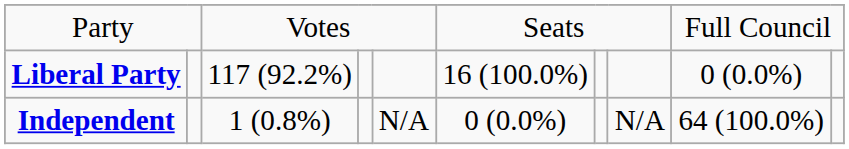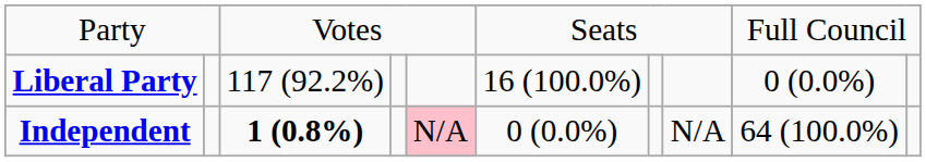 <table class=wikitable style="text-align:center;">
 <tr>
 <td colspan=2>Party</td>
 <td colspan=3>Votes</td>
 <td colspan=3>Seats</td>
 <td colspan=3>Full Council</td>
 </tr>
 <tr>
 <td><strong><a href='#'>Liberal Party</a></strong></td>
 <td style="background:"></td>
 <td>117 (92.2%)</td>
 <td></td>
 <td></td>
 <td>16 (100.0%)</td>
 <td></td>
 <td></td>
 <td>0 (0.0%)</td>
 <td></td>
 </tr>
 <tr>
 <td><strong><a href='#'>Independent</a></strong></td>
 <td style="background:"></td>
-<td>1 (0.8%)</td>
+<td><strong>1 (0.8%)</strong></td>
 <td></td>
-<td>N/A</td>
+<td style="background: pink;">N/A</td>
 <td>0 (0.0%)</td>
 <td></td>
 <td>N/A</td>
 <td>64 (100.0%)</td>
 <td></td>
 </tr>
 </table>
